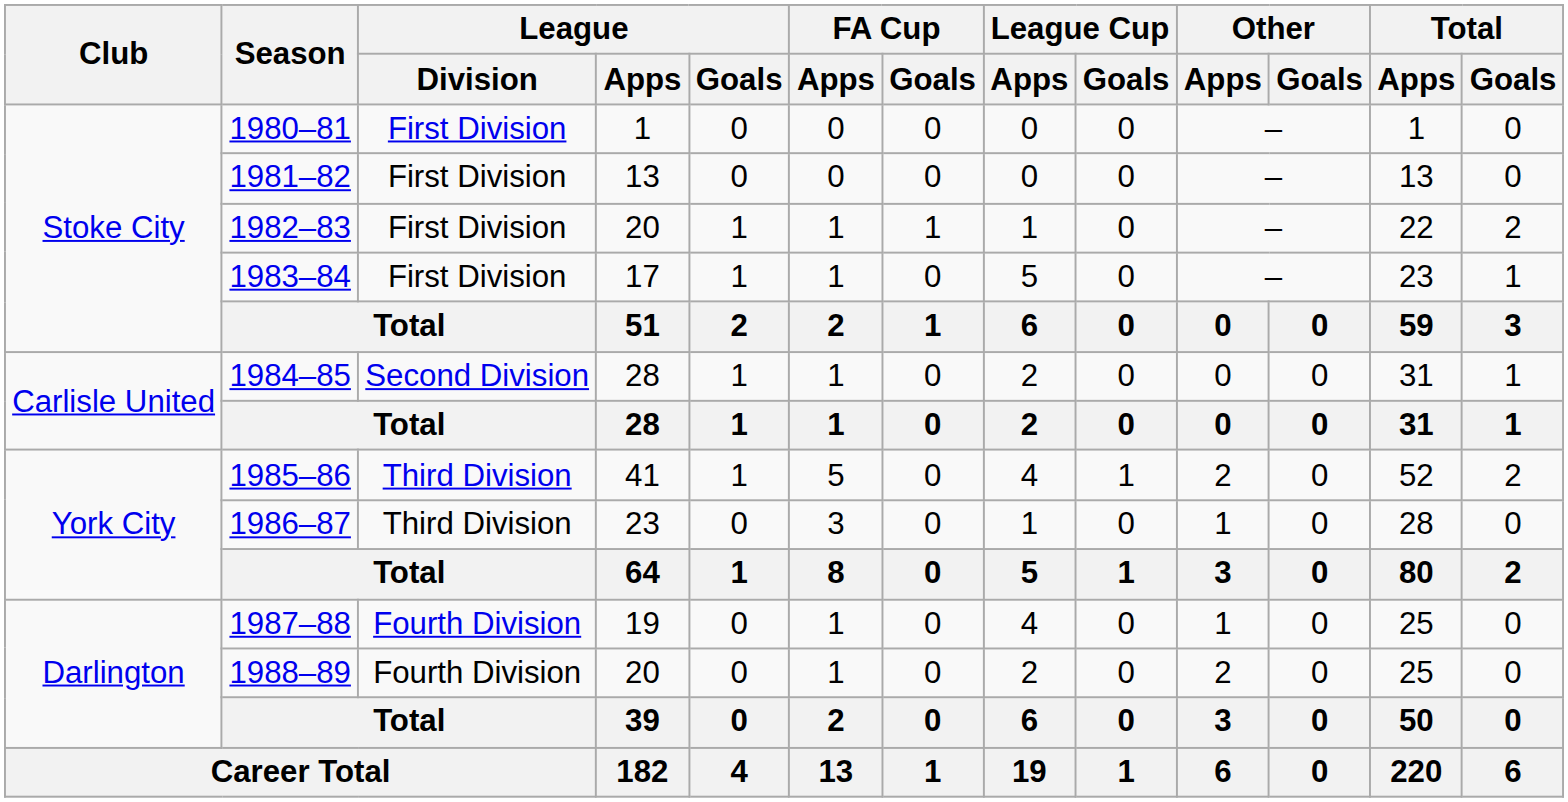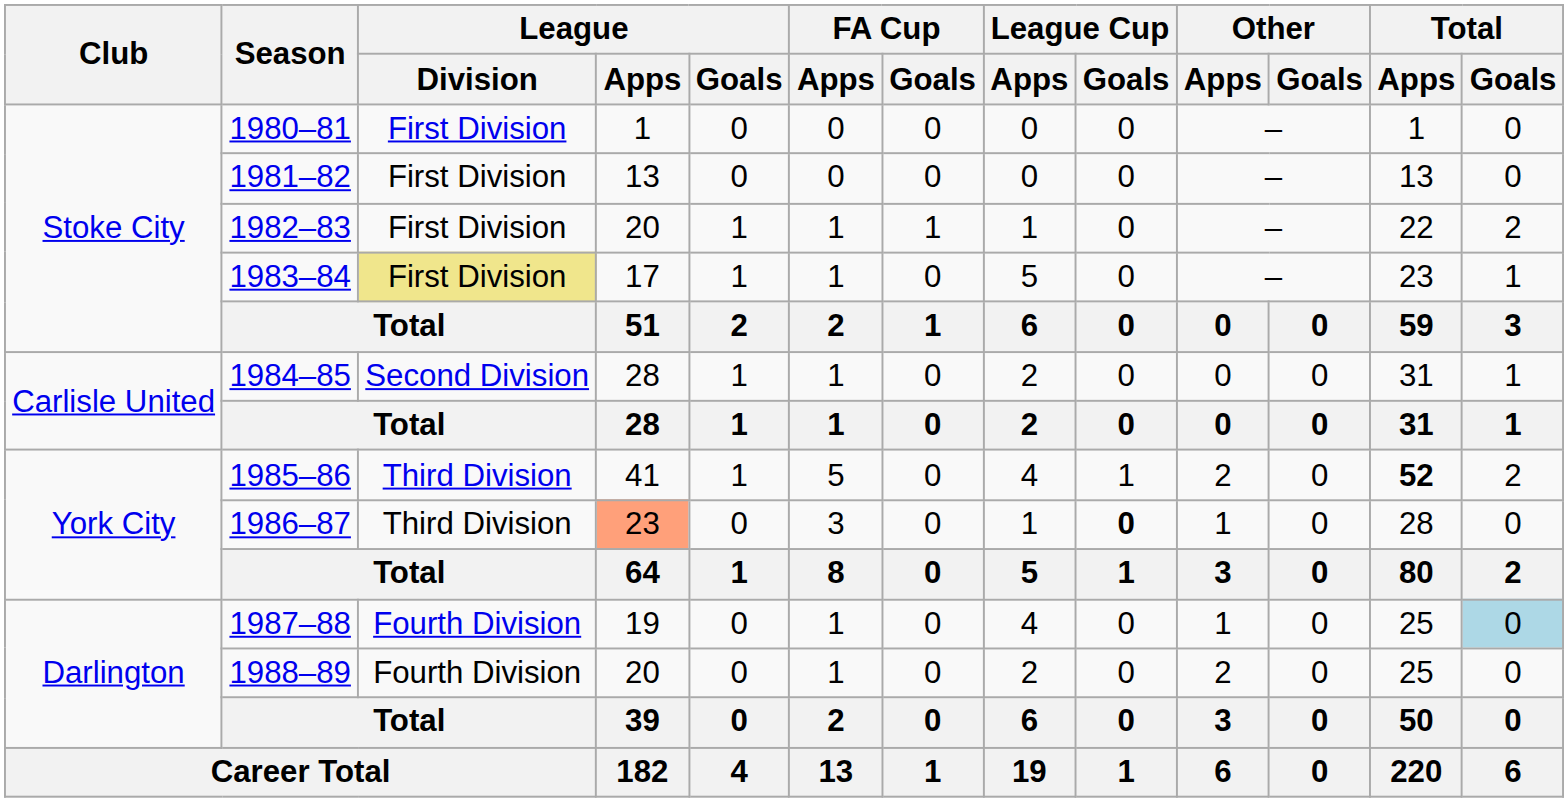 <table class="wikitable" style="text-align: center;">
 <tr>
 <th rowspan="2">Club</th>
 <th rowspan="2">Season</th>
 <th colspan="3">League</th>
 <th colspan="2">FA Cup</th>
 <th colspan="2">League Cup</th>
 <th colspan="2">Other</th>
 <th colspan="2">Total</th>
 </tr>
 <tr>
 <th>Division</th>
 <th>Apps</th>
 <th>Goals</th>
 <th>Apps</th>
 <th>Goals</th>
 <th>Apps</th>
 <th>Goals</th>
 <th>Apps</th>
 <th>Goals</th>
 <th>Apps</th>
 <th>Goals</th>
 </tr>
 <tr>
 <td rowspan="5"><a href='#'>Stoke City</a></td>
 <td><a href='#'>1980–81</a></td>
 <td><a href='#'>First Division</a></td>
 <td>1</td>
 <td>0</td>
 <td>0</td>
 <td>0</td>
 <td>0</td>
 <td>0</td>
 <td colspan="2">–</td>
 <td>1</td>
 <td>0</td>
 </tr>
 <tr>
 <td><a href='#'>1981–82</a></td>
 <td>First Division</td>
 <td>13</td>
 <td>0</td>
 <td>0</td>
 <td>0</td>
 <td>0</td>
 <td>0</td>
 <td colspan="2">–</td>
 <td>13</td>
 <td>0</td>
 </tr>
 <tr>
 <td><a href='#'>1982–83</a></td>
 <td>First Division</td>
 <td>20</td>
 <td>1</td>
 <td>1</td>
 <td>1</td>
 <td>1</td>
 <td>0</td>
 <td colspan="2">–</td>
 <td>22</td>
 <td>2</td>
 </tr>
 <tr>
 <td><a href='#'>1983–84</a></td>
-<td>First Division</td>
+<td style="background: khaki;">First Division</td>
 <td>17</td>
 <td>1</td>
 <td>1</td>
 <td>0</td>
 <td>5</td>
 <td>0</td>
 <td colspan="2">–</td>
 <td>23</td>
 <td>1</td>
 </tr>
 <tr>
 <th colspan="2">Total</th>
 <th>51</th>
 <th>2</th>
 <th>2</th>
 <th>1</th>
 <th>6</th>
 <th>0</th>
 <th>0</th>
 <th>0</th>
 <th>59</th>
 <th>3</th>
 </tr>
 <tr>
 <td rowspan="2"><a href='#'>Carlisle United</a></td>
 <td><a href='#'>1984–85</a></td>
 <td><a href='#'>Second Division</a></td>
 <td>28</td>
 <td>1</td>
 <td>1</td>
 <td>0</td>
 <td>2</td>
 <td>0</td>
 <td>0</td>
 <td>0</td>
 <td>31</td>
 <td>1</td>
 </tr>
 <tr>
 <th colspan="2">Total</th>
 <th>28</th>
 <th>1</th>
 <th>1</th>
 <th>0</th>
 <th>2</th>
 <th>0</th>
 <th>0</th>
 <th>0</th>
 <th>31</th>
 <th>1</th>
 </tr>
 <tr>
 <td rowspan="3"><a href='#'>York City</a></td>
 <td><a href='#'>1985–86</a></td>
 <td><a href='#'>Third Division</a></td>
 <td>41</td>
 <td>1</td>
 <td>5</td>
 <td>0</td>
 <td>4</td>
 <td>1</td>
 <td>2</td>
 <td>0</td>
-<td>52</td>
+<td><strong>52</strong></td>
 <td>2</td>
 </tr>
 <tr>
 <td><a href='#'>1986–87</a></td>
 <td>Third Division</td>
-<td>23</td>
+<td style="background: lightsalmon;">23</td>
 <td>0</td>
 <td>3</td>
 <td>0</td>
 <td>1</td>
-<td>0</td>
+<td><strong>0</strong></td>
 <td>1</td>
 <td>0</td>
 <td>28</td>
 <td>0</td>
 </tr>
 <tr>
 <th colspan="2">Total</th>
 <th>64</th>
 <th>1</th>
 <th>8</th>
 <th>0</th>
 <th>5</th>
 <th>1</th>
 <th>3</th>
 <th>0</th>
 <th>80</th>
 <th>2</th>
 </tr>
 <tr>
 <td rowspan="3"><a href='#'>Darlington</a></td>
 <td><a href='#'>1987–88</a></td>
 <td><a href='#'>Fourth Division</a></td>
 <td>19</td>
 <td>0</td>
 <td>1</td>
 <td>0</td>
 <td>4</td>
 <td>0</td>
 <td>1</td>
 <td>0</td>
 <td>25</td>
-<td>0</td>
+<td style="background: lightblue;">0</td>
 </tr>
 <tr>
 <td><a href='#'>1988–89</a></td>
 <td>Fourth Division</td>
 <td>20</td>
 <td>0</td>
 <td>1</td>
 <td>0</td>
 <td>2</td>
 <td>0</td>
 <td>2</td>
 <td>0</td>
 <td>25</td>
 <td>0</td>
 </tr>
 <tr>
 <th colspan="2">Total</th>
 <th>39</th>
 <th>0</th>
 <th>2</th>
 <th>0</th>
 <th>6</th>
 <th>0</th>
 <th>3</th>
 <th>0</th>
 <th>50</th>
 <th>0</th>
 </tr>
 <tr>
 <th colspan="3">Career Total</th>
 <th>182</th>
 <th>4</th>
 <th>13</th>
 <th>1</th>
 <th>19</th>
 <th>1</th>
 <th>6</th>
 <th>0</th>
 <th>220</th>
 <th>6</th>
 </tr>
 </table>
